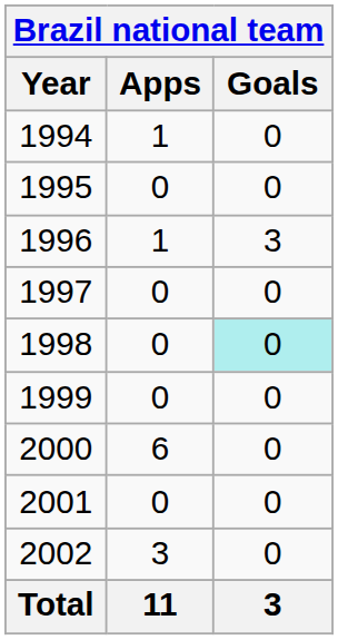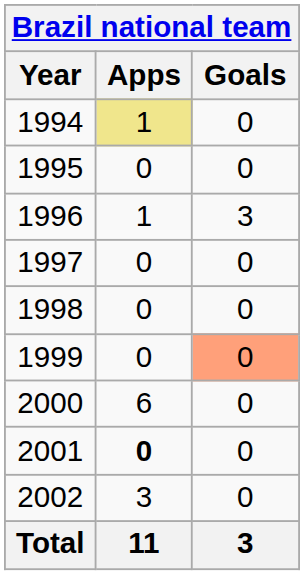 <table class="wikitable" style="text-align:center">
 <tr>
 <th colspan=3><a href='#'>Brazil national team</a></th>
 </tr>
 <tr>
 <th>Year</th>
 <th>Apps</th>
 <th>Goals</th>
 </tr>
 <tr>
 <td>1994</td>
-<td>1</td>
+<td style="background: khaki;">1</td>
 <td>0</td>
 </tr>
 <tr>
 <td>1995</td>
 <td>0</td>
 <td>0</td>
 </tr>
 <tr>
 <td>1996</td>
 <td>1</td>
 <td>3</td>
 </tr>
 <tr>
 <td>1997</td>
 <td>0</td>
 <td>0</td>
 </tr>
 <tr>
 <td>1998</td>
 <td>0</td>
-<td style="background: paleturquoise;">0</td>
+<td>0</td>
 </tr>
 <tr>
 <td>1999</td>
 <td>0</td>
-<td>0</td>
+<td style="background: lightsalmon;">0</td>
 </tr>
 <tr>
 <td>2000</td>
 <td>6</td>
 <td>0</td>
 </tr>
 <tr>
 <td>2001</td>
-<td>0</td>
+<td><strong>0</strong></td>
 <td>0</td>
 </tr>
 <tr>
 <td>2002</td>
 <td>3</td>
 <td>0</td>
 </tr>
 <tr>
 <th>Total</th>
 <th>11</th>
 <th>3</th>
 </tr>
 </table>
